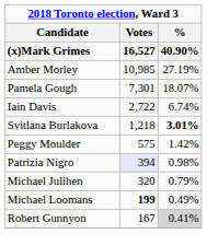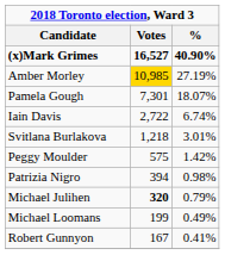 <table class="wikitable">
 <tr>
 <td Colspan="3" align="center"><strong><a href='#'>2018 Toronto election</a>, Ward 3</strong></td>
 </tr>
 <tr>
 <th width="150px">Candidate</th>
 <th>Votes</th>
 <th>%</th>
 </tr>
 <tr>
 <td valign="top"><strong>(x)Mark Grimes</strong></td>
 <td valign="top" align="right"><strong>16,527</strong></td>
 <td valign="top" align="right"><strong>40.90%</strong></td>
 </tr>
 <tr>
 <td valign="top">Amber Morley</td>
-<td valign="top" align="right">10,985</td>
+<td valign="top" align="right" style="background: gold;">10,985</td>
 <td valign="top" align="right">27.19%</td>
 </tr>
 <tr>
 <td valign="top">Pamela Gough</td>
 <td valign="top" align="right">7,301</td>
 <td valign="top" align="right">18.07%</td>
 </tr>
 <tr>
 <td valign="top">Iain Davis</td>
 <td valign="top" align="right">2,722</td>
 <td valign="top" align="right">6.74%</td>
 </tr>
 <tr>
 <td valign="top">Svitlana Burlakova</td>
 <td valign="top" align="right">1,218</td>
-<td valign="top" align="right"><strong>3.01%</strong></td>
+<td valign="top" align="right">3.01%</td>
 </tr>
 <tr>
 <td valign="top">Peggy Moulder</td>
 <td valign="top" align="right">575</td>
 <td valign="top" align="right">1.42%</td>
 </tr>
 <tr>
 <td valign="top">Patrizia Nigro</td>
-<td valign="top" align="right" style="background: lavender;">394</td>
+<td valign="top" align="right">394</td>
 <td valign="top" align="right">0.98%</td>
 </tr>
 <tr>
 <td valign="top">Michael Julihen</td>
-<td valign="top" align="right">320</td>
+<td valign="top" align="right"><strong>320</strong></td>
 <td valign="top" align="right">0.79%</td>
 </tr>
 <tr>
 <td valign="top">Michael Loomans</td>
-<td valign="top" align="right"><strong>199</strong></td>
+<td valign="top" align="right">199</td>
 <td valign="top" align="right">0.49%</td>
 </tr>
 <tr>
 <td valign="top">Robert Gunnyon</td>
 <td valign="top" align="right">167</td>
-<td valign="top" align="right" style="background: lightgrey;">0.41%</td>
+<td valign="top" align="right">0.41%</td>
 </tr>
 <tr>
 </tr>
 </table>
